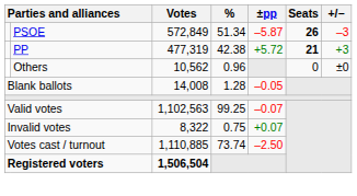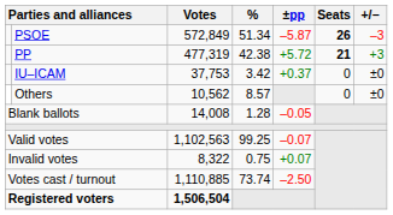 <table class="wikitable" style="text-align:right;">
 <tr>
 <th style="text-align:left;" colspan="2" width="200">Parties and alliances</th>
 <th width="75">Votes</th>
 <th width="45">%</th>
 <th width="45">±<a href='#'>pp</a></th>
 <th width="35">Seats</th>
 <th width="35">+/−</th>
 </tr>
 <tr>
 <td width="1" style="color:inherit;background:"></td>
 <td align="left"><a href='#'>PSOE</a></td>
 <td>572,849</td>
 <td>51.34</td>
 <td style="color:red;">–5.87</td>
 <td><strong>26</strong></td>
 <td style="color:red;">–3</td>
 </tr>
 <tr>
 <td style="color:inherit;background:"></td>
 <td align="left"><a href='#'>PP</a></td>
 <td>477,319</td>
 <td>42.38</td>
 <td style="color:green;">+5.72</td>
 <td><strong>21</strong></td>
 <td style="color:green;">+3</td>
 </tr>
 <tr>
+<td style="color:inherit;background:"></td>
+<td align="left"><a href='#'>IU–ICAM</a></td>
+<td>37,753</td>
+<td>3.42</td>
+<td style="color:green;">+0.37</td>
+<td>0</td>
+<td>±0</td>
+</tr>
+<tr>
 <td bgcolor="white"></td>
 <td align="left">Others</td>
 <td>10,562</td>
-<td>0.96</td>
+<td>8.57</td>
 <td bgcolor="#E9E9E9"></td>
 <td>0</td>
 <td>±0</td>
 </tr>
 <tr>
 <td align="left" colspan="2">Blank ballots</td>
 <td>14,008</td>
 <td>1.28</td>
 <td style="color:red;">–0.05</td>
 <td bgcolor="#E9E9E9" colspan="2"></td>
 </tr>
 <tr>
 <td colspan="7" bgcolor="#E9E9E9"></td>
 </tr>
 <tr>
 <td align="left" colspan="2">Valid votes</td>
 <td>1,102,563</td>
 <td>99.25</td>
 <td style="color:red;">–0.07</td>
 <td bgcolor="#E9E9E9" colspan="2" rowspan="4"></td>
 </tr>
 <tr>
 <td align="left" colspan="2">Invalid votes</td>
 <td>8,322</td>
 <td>0.75</td>
 <td style="color:green;">+0.07</td>
 </tr>
 <tr>
 <td align="left" colspan="2">Votes cast / turnout</td>
 <td>1,110,885</td>
 <td>73.74</td>
 <td style="color:red;">–2.50</td>
 </tr>
 <tr style="font-weight:bold;">
 <td align="left" colspan="2">Registered voters</td>
 <td>1,506,504</td>
 <td bgcolor="#E9E9E9" colspan="2"></td>
 </tr>
 </table>
